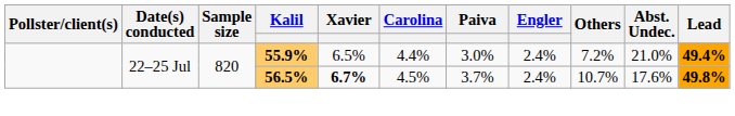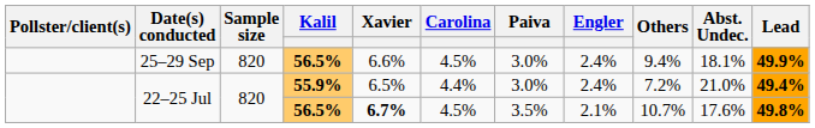 <table class="wikitable sortable" style="text-align:center;font-size:90%;line-height:14px;">
 <tr>
 <th rowspan="2">Pollster/client(s)</th>
 <th rowspan="2">Date(s)<br>conducted</th>
 <th rowspan="2" data-sort-type="number">Sample<br>size</th>
 <th class="unsortable" style="width:50px;"><a href='#'>Kalil</a><br></th>
 <th class="unsortable" style="width:50px;">Xavier<br></th>
 <th class="unsortable" style="width:50px;"><a href='#'>Carolina</a><br></th>
 <th class="unsortable" style="width:50px;">Paiva<br></th>
 <th class="unsortable" style="width:50px;"><a href='#'>Engler</a><br></th>
 <th rowspan="2" class="unsortable">Others</th>
 <th rowspan="2" class="unsortable">Abst.<br>Undec.</th>
 <th rowspan="2" data-sort-type="number">Lead</th>
 </tr>
 <tr>
 <th data-sort-type="number" class="sortable" style="background:"></th>
 <th data-sort-type="number" class="sortable" style="background:"></th>
 <th data-sort-type="number" class="sortable" style="background:"></th>
 <th data-sort-type="number" class="sortable" style="background:"></th>
 <th data-sort-type="number" class="sortable" style="background:"></th>
 </tr>
 <tr>
+<td></td>
+<td>25–29 Sep</td>
+<td>820</td>
+<td style="background:#FFCB6B;"><strong>56.5%</strong></td>
+<td>6.6%</td>
+<td>4.5%</td>
+<td>3.0%</td>
+<td>2.4%</td>
+<td>9.4%</td>
+<td>18.1%</td>
+<td style="background:#FFA500;"><strong>49.9%</strong></td>
+</tr>
+<tr>
 <td rowspan="2"></td>
 <td rowspan="2">22–25 Jul</td>
 <td rowspan="2">820</td>
 <td style="background:#FFCB6B;"><strong>55.9%</strong></td>
 <td>6.5%</td>
 <td>4.4%</td>
 <td>3.0%</td>
 <td>2.4%</td>
 <td>7.2%</td>
 <td>21.0%</td>
 <td style="background:#FFA500;"><strong>49.4%</strong></td>
 </tr>
 <tr>
 <td style="background:#FFCB6B;"><strong>56.5%</strong></td>
 <td><strong>6.7%</strong></td>
 <td>4.5%</td>
-<td>3.7%</td>
-<td>2.4%</td>
+<td>3.5%</td>
+<td>2.1%</td>
 <td>10.7%</td>
 <td>17.6%</td>
 <td style="background:#FFA500;"><strong>49.8%</strong></td>
 </tr>
 </table>
